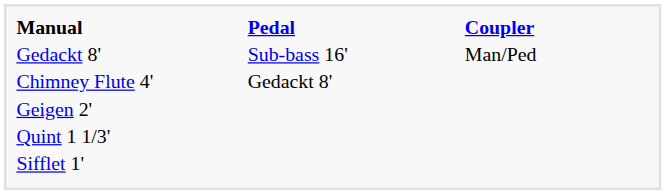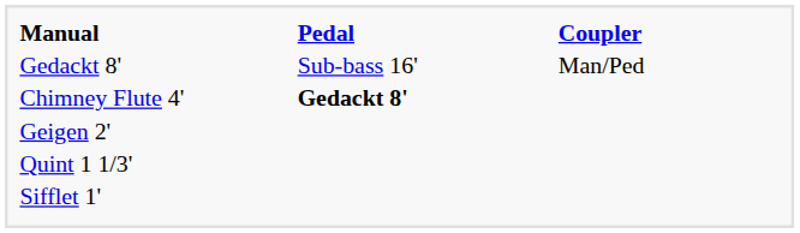 <table table style="background-color:#f8f8f8; border:2px solid #e0e0e0; padding:5px;" width=530>
 <tr>
 <td width=160><strong>Manual</strong></td>
 <td width=150><strong><a href='#'>Pedal</a></strong></td>
 <td width=130><strong><a href='#'>Coupler</a></strong></td>
 </tr>
 <tr>
 <td><a href='#'>Gedackt</a> 8'</td>
 <td><a href='#'>Sub-bass</a> 16'</td>
 <td>Man/Ped</td>
 </tr>
 <tr>
 <td><a href='#'>Chimney Flute</a> 4'</td>
-<td>Gedackt 8'</td>
+<td><strong>Gedackt 8'</strong></td>
 </tr>
 <tr>
 <td><a href='#'>Geigen</a> 2'</td>
 </tr>
 <tr>
 <td><a href='#'>Quint</a> 1 1/3'</td>
 </tr>
 <tr>
 <td><a href='#'>Sifflet</a> 1'</td>
 </tr>
 <tr>
 </tr>
 </table>
